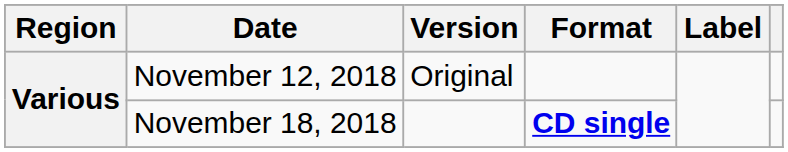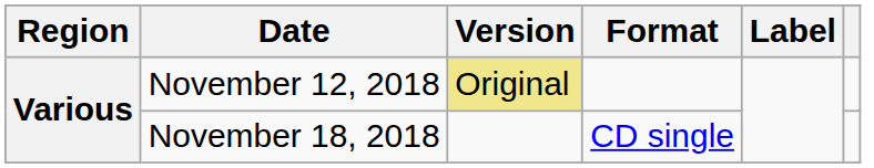 <table class="wikitable plainrowheaders">
 <tr>
 <th>Region</th>
 <th>Date</th>
 <th scope="col">Version</th>
 <th>Format</th>
 <th>Label</th>
 <th></th>
 </tr>
 <tr>
 <th scope="row" rowspan="2">Various</th>
 <td>November 12, 2018</td>
-<td>Original</td>
+<td style="background: khaki;">Original</td>
 <td></td>
 <td rowspan="2"></td>
 <td style="text-align:center;"></td>
 </tr>
 <tr>
 <td>November 18, 2018</td>
 <td></td>
-<td><strong><a href='#'>CD single</a></strong></td>
+<td><a href='#'>CD single</a></td>
 <td style="text-align:center;"></td>
 </tr>
 </table>
